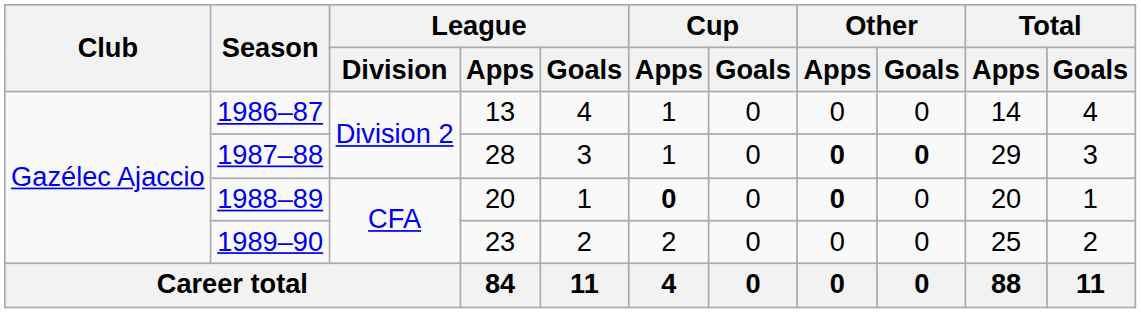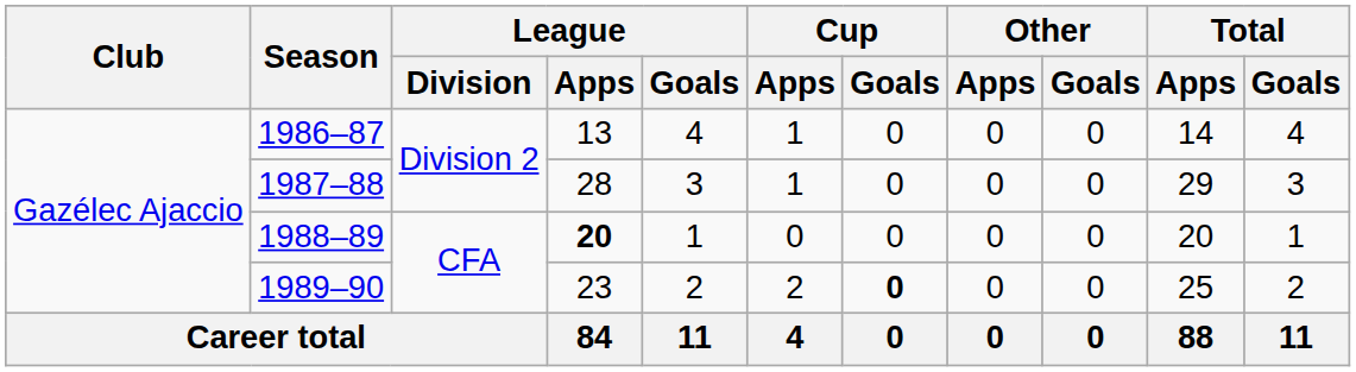 <table class=wikitable style=text-align:center>
 <tr>
 <th rowspan=2>Club</th>
 <th rowspan=2>Season</th>
 <th colspan=3>League</th>
 <th colspan=2>Cup</th>
 <th colspan=2>Other</th>
 <th colspan=2>Total</th>
 </tr>
 <tr>
 <th>Division</th>
 <th>Apps</th>
 <th>Goals</th>
 <th>Apps</th>
 <th>Goals</th>
 <th>Apps</th>
 <th>Goals</th>
 <th>Apps</th>
 <th>Goals</th>
 </tr>
 <tr>
 <td rowspan=4><a href='#'>Gazélec Ajaccio</a></td>
 <td><a href='#'>1986–87</a></td>
 <td rowspan=2><a href='#'>Division 2</a></td>
 <td>13</td>
 <td>4</td>
 <td>1</td>
 <td>0</td>
 <td>0</td>
 <td>0</td>
 <td>14</td>
 <td>4</td>
 </tr>
 <tr>
 <td><a href='#'>1987–88</a></td>
 <td>28</td>
 <td>3</td>
 <td>1</td>
 <td>0</td>
-<td><strong>0</strong></td>
-<td><strong>0</strong></td>
+<td>0</td>
+<td>0</td>
 <td>29</td>
 <td>3</td>
 </tr>
 <tr>
 <td><a href='#'>1988–89</a></td>
 <td rowspan=2><a href='#'>CFA</a></td>
-<td>20</td>
+<td><strong>20</strong></td>
 <td>1</td>
-<td><strong>0</strong></td>
 <td>0</td>
-<td><strong>0</strong></td>
+<td>0</td>
+<td>0</td>
 <td>0</td>
 <td>20</td>
 <td>1</td>
 </tr>
 <tr>
 <td><a href='#'>1989–90</a></td>
 <td>23</td>
 <td>2</td>
 <td>2</td>
-<td>0</td>
+<td><strong>0</strong></td>
 <td>0</td>
 <td>0</td>
 <td>25</td>
 <td>2</td>
 </tr>
 <tr>
 <th colspan=3><strong>Career total</strong></th>
 <th>84</th>
 <th>11</th>
 <th>4</th>
 <th>0</th>
 <th>0</th>
 <th>0</th>
 <th>88</th>
 <th>11</th>
 </tr>
 </table>
